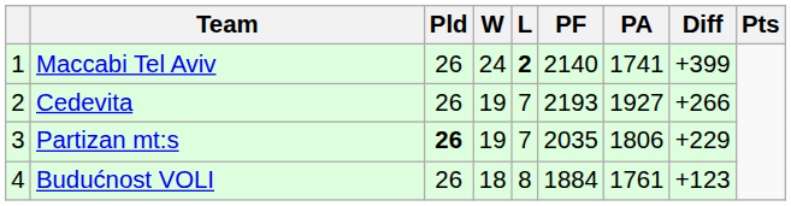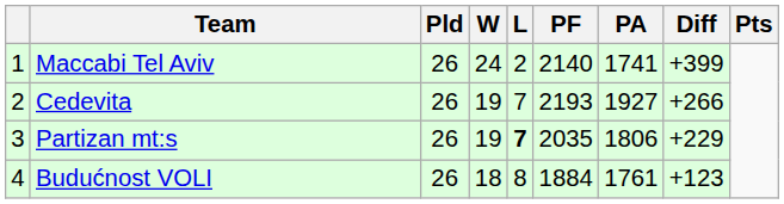 <table class="wikitable sortable" style="text-align:center">
 <tr>
 <th></th>
 <th width="250">Team</th>
 <th>Pld</th>
 <th>W</th>
 <th>L</th>
 <th>PF</th>
 <th>PA</th>
 <th>Diff</th>
 <th>Pts</th>
 </tr>
 <tr style="background: #ddffdd">
 <td>1</td>
 <td align=left> <a href='#'>Maccabi Tel Aviv</a></td>
 <td>26</td>
 <td>24</td>
-<td><strong>2</strong></td>
+<td>2</td>
 <td>2140</td>
 <td>1741</td>
 <td>+399</td>
 </tr>
 <tr style="background: #ddffdd">
 <td>2</td>
 <td align=left> <a href='#'>Cedevita</a></td>
 <td>26</td>
 <td>19</td>
 <td>7</td>
 <td>2193</td>
 <td>1927</td>
 <td>+266</td>
 </tr>
 <tr style="background: #ddffdd">
 <td>3</td>
 <td align=left> <a href='#'>Partizan mt:s</a></td>
-<td><strong>26</strong></td>
+<td>26</td>
 <td>19</td>
-<td>7</td>
+<td><strong>7</strong></td>
 <td>2035</td>
 <td>1806</td>
 <td>+229</td>
 </tr>
 <tr style="background: #ddffdd">
 <td>4</td>
 <td align=left> <a href='#'>Budućnost VOLI</a></td>
 <td>26</td>
 <td>18</td>
 <td>8</td>
 <td>1884</td>
 <td>1761</td>
 <td>+123</td>
 </tr>
 </table>
